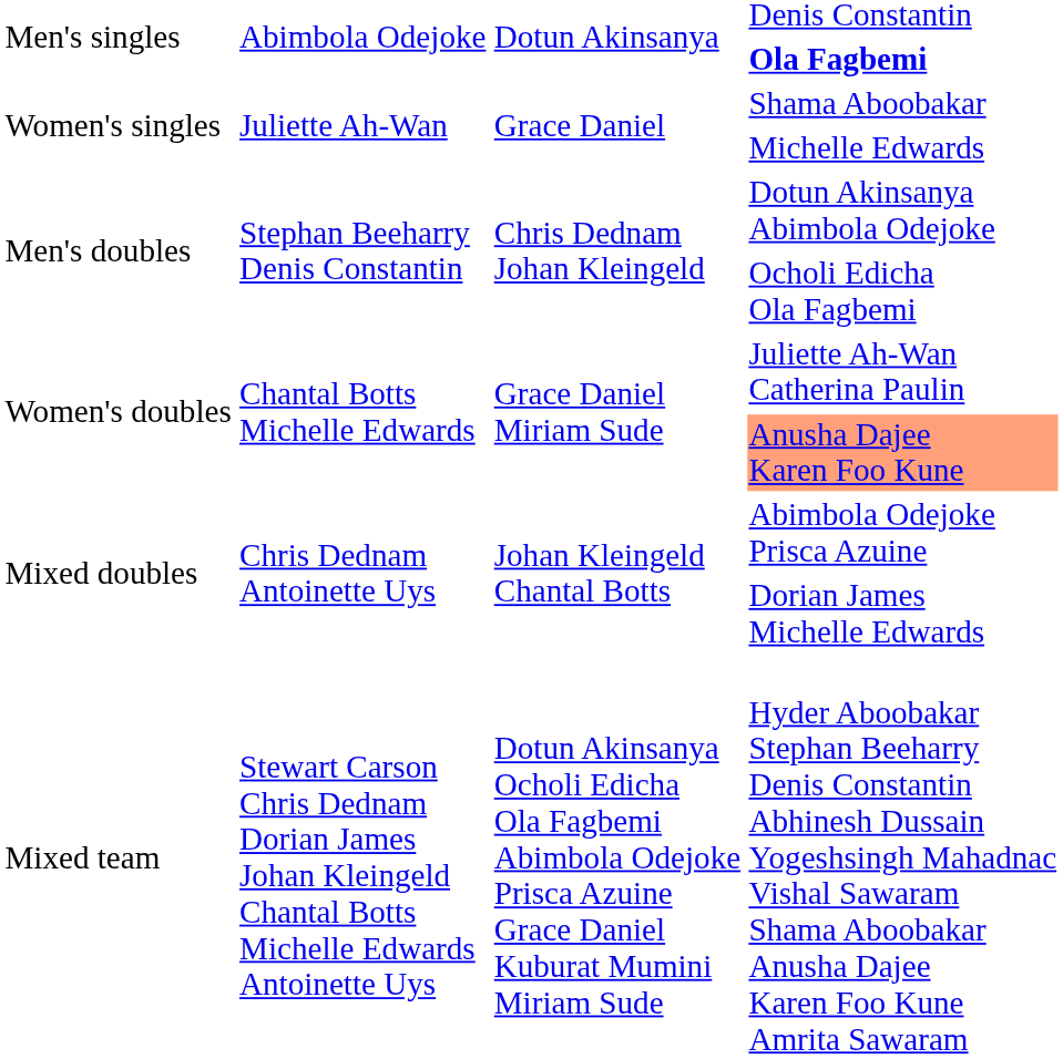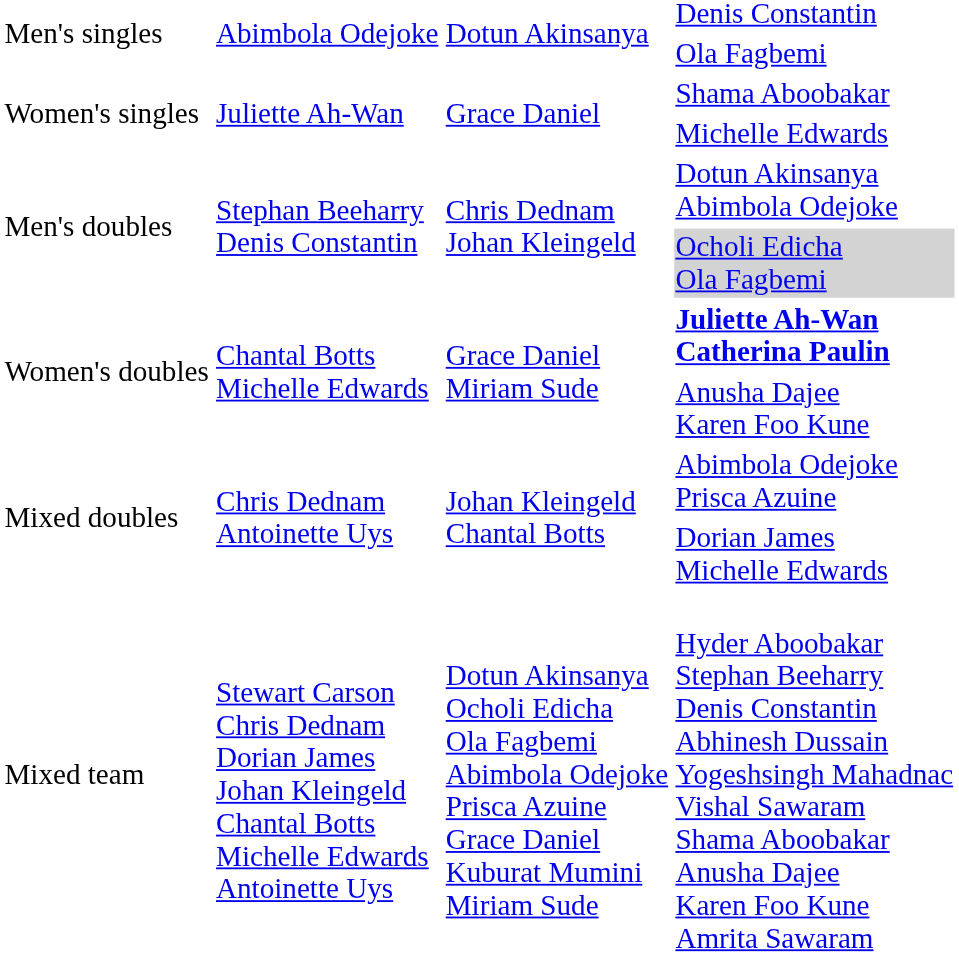 <table>
 <tr>
 <td rowspan=2>Men's singles</td>
 <td rowspan=2> <a href='#'>Abimbola Odejoke</a></td>
 <td rowspan=2> <a href='#'>Dotun Akinsanya</a></td>
 <td> <a href='#'>Denis Constantin</a></td>
 </tr>
 <tr>
-<td><strong> <a href='#'>Ola Fagbemi</a></strong></td>
+<td> <a href='#'>Ola Fagbemi</a></td>
 </tr>
 <tr>
 <td rowspan=2>Women's singles</td>
 <td rowspan=2> <a href='#'>Juliette Ah-Wan</a></td>
 <td rowspan=2> <a href='#'>Grace Daniel</a></td>
 <td> <a href='#'>Shama Aboobakar</a></td>
 </tr>
 <tr>
 <td> <a href='#'>Michelle Edwards</a></td>
 </tr>
 <tr>
 <td rowspan=2>Men's doubles</td>
 <td rowspan=2> <a href='#'>Stephan Beeharry</a> <br> <a href='#'>Denis Constantin</a></td>
 <td rowspan=2> <a href='#'>Chris Dednam</a> <br> <a href='#'>Johan Kleingeld</a></td>
 <td> <a href='#'>Dotun Akinsanya</a> <br> <a href='#'>Abimbola Odejoke</a></td>
 </tr>
 <tr>
-<td> <a href='#'>Ocholi Edicha</a> <br> <a href='#'>Ola Fagbemi</a></td>
+<td style="background: lightgrey;"> <a href='#'>Ocholi Edicha</a> <br> <a href='#'>Ola Fagbemi</a></td>
 </tr>
 <tr>
 <td rowspan=2>Women's doubles</td>
 <td rowspan=2> <a href='#'>Chantal Botts</a> <br> <a href='#'>Michelle Edwards</a></td>
 <td rowspan=2> <a href='#'>Grace Daniel</a> <br> <a href='#'>Miriam Sude</a></td>
-<td> <a href='#'>Juliette Ah-Wan</a> <br> <a href='#'>Catherina Paulin</a></td>
+<td><strong> <a href='#'>Juliette Ah-Wan</a> <br> <a href='#'>Catherina Paulin</a></strong></td>
 </tr>
 <tr>
-<td style="background: lightsalmon;"> <a href='#'>Anusha Dajee</a> <br> <a href='#'>Karen Foo Kune</a></td>
+<td> <a href='#'>Anusha Dajee</a> <br> <a href='#'>Karen Foo Kune</a></td>
 </tr>
 <tr>
 <td rowspan=2>Mixed doubles</td>
 <td rowspan=2> <a href='#'>Chris Dednam</a> <br> <a href='#'>Antoinette Uys</a></td>
 <td rowspan=2> <a href='#'>Johan Kleingeld</a> <br> <a href='#'>Chantal Botts</a></td>
 <td> <a href='#'>Abimbola Odejoke</a> <br> <a href='#'>Prisca Azuine</a></td>
 </tr>
 <tr>
 <td> <a href='#'>Dorian James</a> <br> <a href='#'>Michelle Edwards</a></td>
 </tr>
 <tr>
 <td>Mixed team</td>
 <td><br><a href='#'>Stewart Carson</a><br><a href='#'>Chris Dednam</a><br><a href='#'>Dorian James</a><br><a href='#'>Johan Kleingeld</a><br><a href='#'>Chantal Botts</a><br><a href='#'>Michelle Edwards</a><br><a href='#'>Antoinette Uys</a></td>
 <td><br><a href='#'>Dotun Akinsanya</a><br><a href='#'>Ocholi Edicha</a><br><a href='#'>Ola Fagbemi</a><br><a href='#'>Abimbola Odejoke</a><br><a href='#'>Prisca Azuine</a><br><a href='#'>Grace Daniel</a><br><a href='#'>Kuburat Mumini</a><br><a href='#'>Miriam Sude</a></td>
 <td><br><a href='#'>Hyder Aboobakar</a><br><a href='#'>Stephan Beeharry</a><br><a href='#'>Denis Constantin</a><br><a href='#'>Abhinesh Dussain</a><br><a href='#'>Yogeshsingh Mahadnac</a><br><a href='#'>Vishal Sawaram</a><br><a href='#'>Shama Aboobakar</a><br><a href='#'>Anusha Dajee</a><br><a href='#'>Karen Foo Kune</a><br><a href='#'>Amrita Sawaram</a></td>
 </tr>
 </table>
